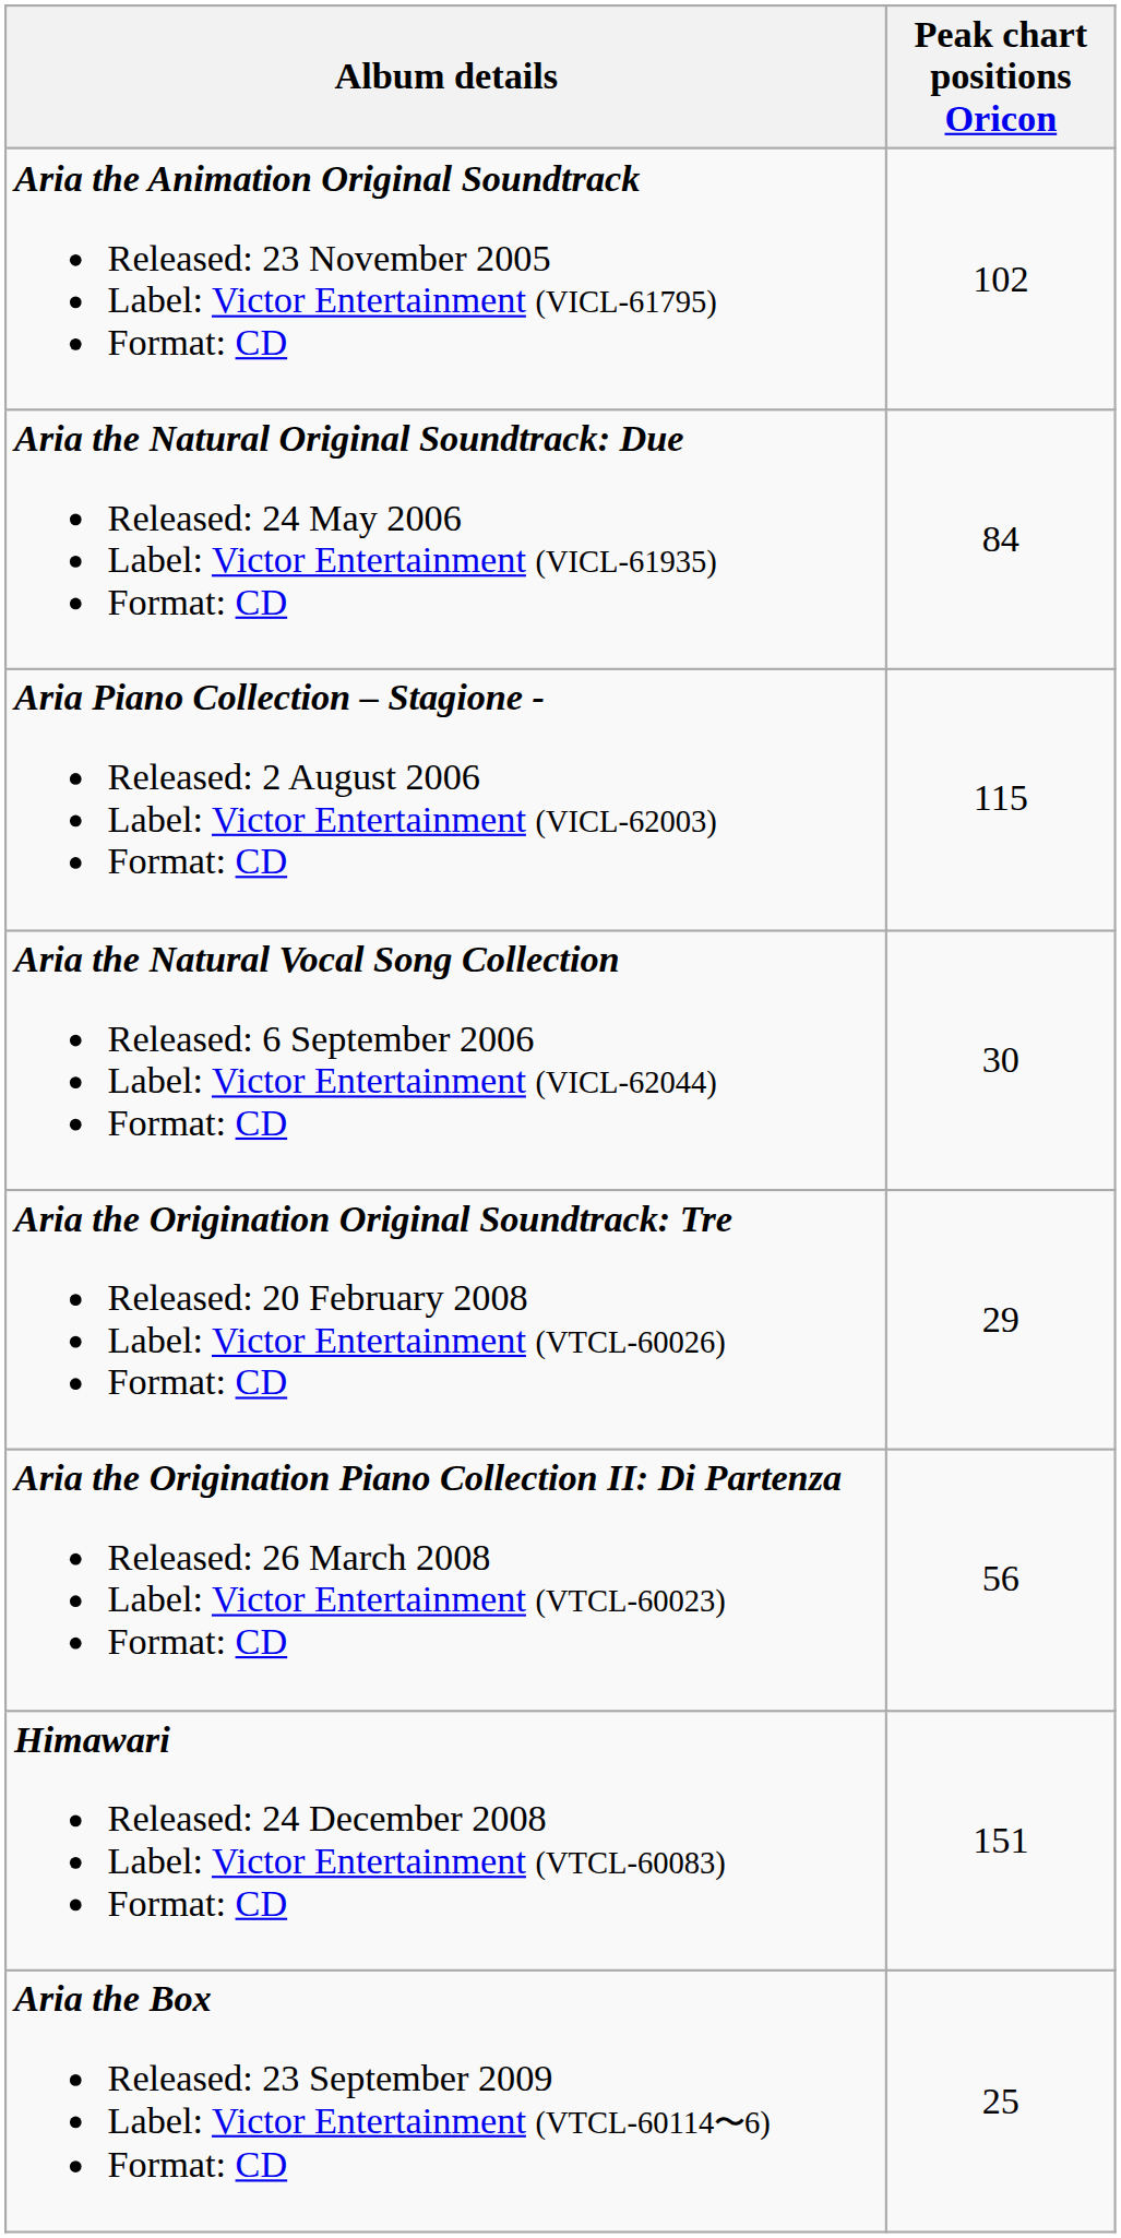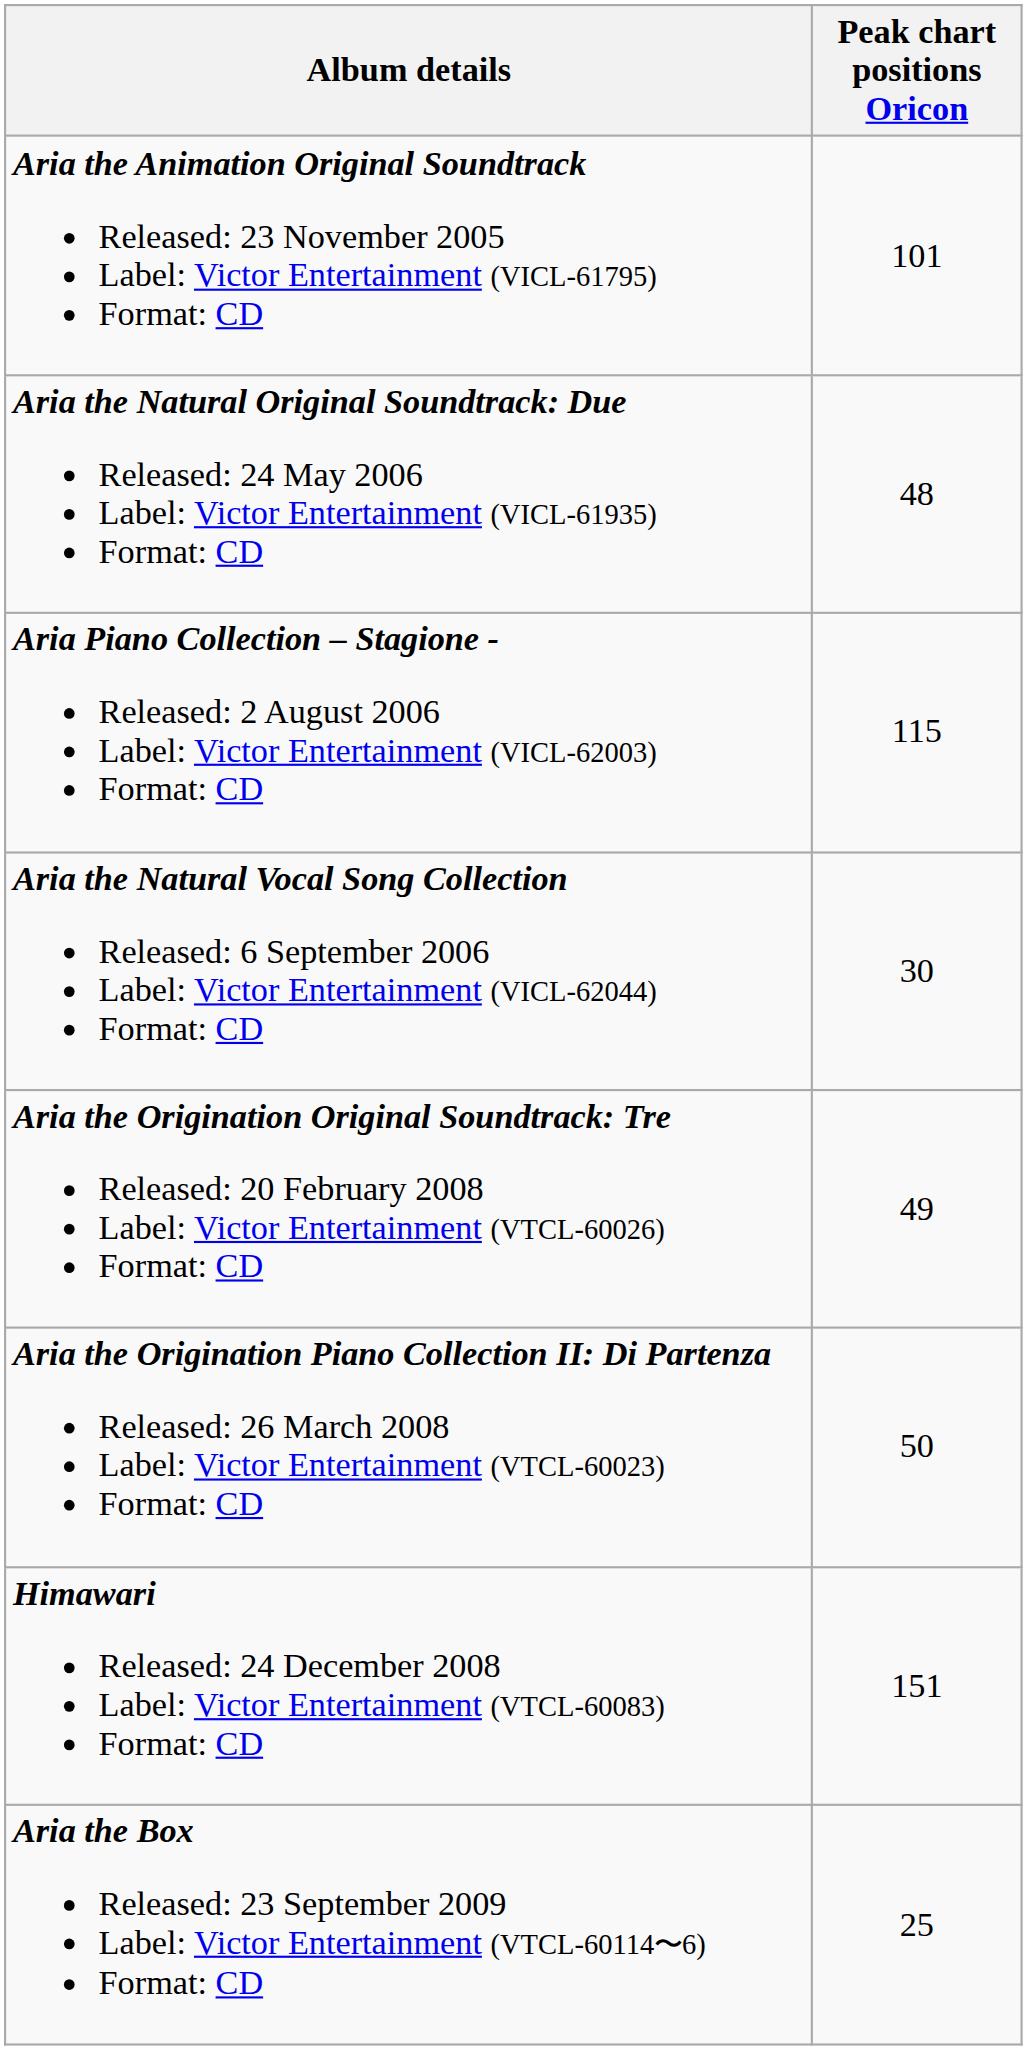 <table class="wikitable">
 <tr>
 <th style="width:370px;">Album details</th>
 <th style="width:90px;">Peak chart positions  <br><a href='#'>Oricon</a></th>
 </tr>
 <tr>
 <td><strong><em>Aria the Animation Original Soundtrack</em></strong><br><ul><li>Released: 23 November 2005</li><li>Label: <a href='#'>Victor Entertainment</a> <small>(VICL-61795)</small></li><li>Format: <a href='#'>CD</a></li></ul></td>
-<td style="text-align:center;">102</td>
+<td style="text-align:center;">101</td>
 </tr>
 <tr>
 <td><strong><em>Aria the Natural Original Soundtrack: Due</em></strong><br><ul><li>Released: 24 May 2006</li><li>Label: <a href='#'>Victor Entertainment</a> <small>(VICL-61935)</small></li><li>Format: <a href='#'>CD</a></li></ul></td>
-<td style="text-align:center;">84</td>
+<td style="text-align:center;">48</td>
 </tr>
 <tr>
 <td><strong><em>Aria Piano Collection – Stagione -</em></strong><br><ul><li>Released: 2 August 2006</li><li>Label: <a href='#'>Victor Entertainment</a> <small>(VICL-62003)</small></li><li>Format: <a href='#'>CD</a></li></ul></td>
 <td style="text-align:center;">115</td>
 </tr>
 <tr>
 <td><strong><em>Aria the Natural Vocal Song Collection</em></strong><br><ul><li>Released: 6 September 2006</li><li>Label: <a href='#'>Victor Entertainment</a> <small>(VICL-62044)</small></li><li>Format: <a href='#'>CD</a></li></ul></td>
 <td style="text-align:center;">30</td>
 </tr>
 <tr>
 <td><strong><em>Aria the Origination Original Soundtrack: Tre</em></strong><br><ul><li>Released: 20 February 2008</li><li>Label: <a href='#'>Victor Entertainment</a> <small>(VTCL-60026)</small></li><li>Format: <a href='#'>CD</a></li></ul></td>
-<td style="text-align:center;">29</td>
+<td style="text-align:center;">49</td>
 </tr>
 <tr>
 <td><strong><em>Aria the Origination Piano Collection II: Di Partenza</em></strong><br><ul><li>Released: 26 March 2008</li><li>Label: <a href='#'>Victor Entertainment</a> <small>(VTCL-60023)</small></li><li>Format: <a href='#'>CD</a></li></ul></td>
-<td style="text-align:center;">56</td>
+<td style="text-align:center;">50</td>
 </tr>
 <tr>
 <td><strong><em>Himawari</em></strong><br><ul><li>Released: 24 December 2008</li><li>Label: <a href='#'>Victor Entertainment</a> <small>(VTCL-60083)</small></li><li>Format: <a href='#'>CD</a></li></ul></td>
 <td style="text-align:center;">151</td>
 </tr>
 <tr>
 <td><strong><em>Aria the Box</em></strong><br><ul><li>Released: 23 September 2009</li><li>Label: <a href='#'>Victor Entertainment</a> <small>(VTCL-60114〜6)</small></li><li>Format: <a href='#'>CD</a></li></ul></td>
 <td style="text-align:center;">25</td>
 </tr>
 </table>
